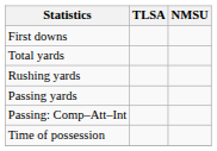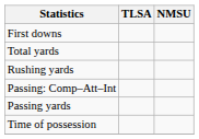 <table class="wikitable" style="float: left;">
 <tr>
 <th>Statistics</th>
 <th>TLSA</th>
 <th>NMSU</th>
 </tr>
 <tr>
 <td>First downs</td>
 <td></td>
 <td></td>
 </tr>
 <tr>
 <td>Total yards</td>
 <td></td>
 <td></td>
 </tr>
 <tr>
 <td>Rushing yards</td>
 <td></td>
 <td></td>
 </tr>
 <tr>
-<td>Passing yards</td>
+<td>Passing: Comp–Att–Int</td>
 <td></td>
 <td></td>
 </tr>
 <tr>
-<td>Passing: Comp–Att–Int</td>
+<td>Passing yards</td>
 <td></td>
 <td></td>
 </tr>
 <tr>
 <td>Time of possession</td>
 <td></td>
 <td></td>
 </tr>
 <tr>
 </tr>
 </table>
